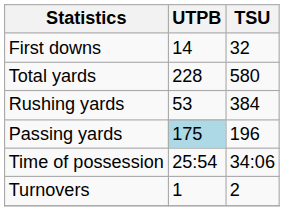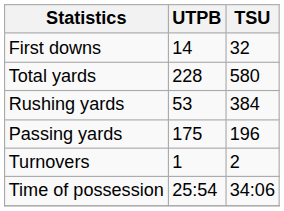 <table class="wikitable" style="float: left;">
 <tr>
 <th>Statistics</th>
 <th>UTPB</th>
 <th>TSU</th>
 </tr>
 <tr>
 <td>First downs</td>
 <td>14</td>
 <td>32</td>
 </tr>
 <tr>
 <td>Total yards</td>
 <td>228</td>
 <td>580</td>
 </tr>
 <tr>
 <td>Rushing yards</td>
 <td>53</td>
 <td>384</td>
 </tr>
 <tr>
 <td>Passing yards</td>
-<td style="background: lightblue;">175</td>
+<td>175</td>
 <td>196</td>
+</tr>
+<tr>
+<td>Turnovers</td>
+<td>1</td>
+<td>2</td>
 </tr>
 <tr>
 <td>Time of possession</td>
 <td>25:54</td>
 <td>34:06</td>
 </tr>
 <tr>
-<td>Turnovers</td>
-<td>1</td>
-<td>2</td>
-</tr>
-<tr>
 </tr>
 </table>
